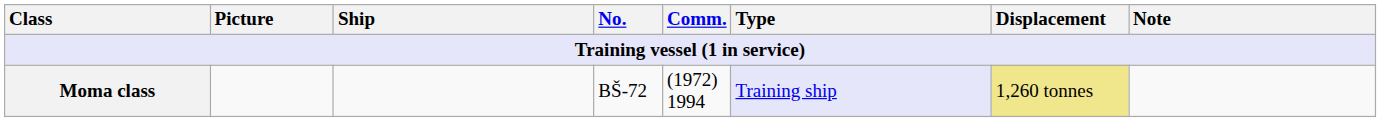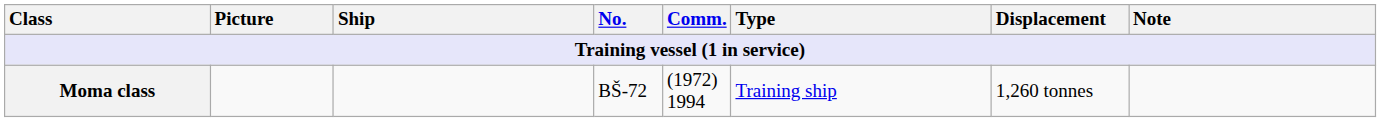 <table class="wikitable">
 <tr>
 <th style="text-align:left; width:15%;">Class</th>
 <th style="text-align:left; width:9%;">Picture</th>
 <th style="text-align:left; width:19%;">Ship</th>
 <th style="text-align:left; width: 5%;"><a href='#'>No.</a></th>
 <th style="text-align:left; width: 5%;"><a href='#'>Comm.</a></th>
 <th style="text-align:left; width:19%;">Type</th>
 <th style="text-align:left; width:10%;">Displacement</th>
 <th style="text-align:left; width:20%;">Note</th>
 </tr>
 <tr>
 <th colspan="8" style="background: lavender;">Training vessel (1 in service)</th>
 </tr>
 <tr>
 <th>Moma class</th>
 <td></td>
 <td></td>
 <td>BŠ-72</td>
 <td>(1972)<br>1994</td>
-<td style="background: lavender;"><a href='#'>Training ship</a></td>
-<td style="background: khaki;">1,260 tonnes</td>
+<td><a href='#'>Training ship</a></td>
+<td>1,260 tonnes</td>
 <td></td>
 </tr>
 </table>
